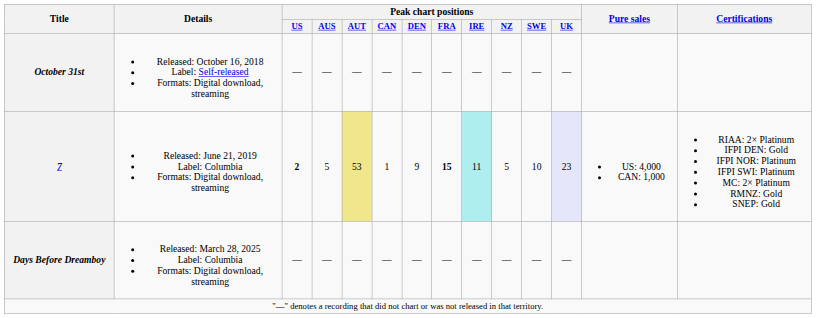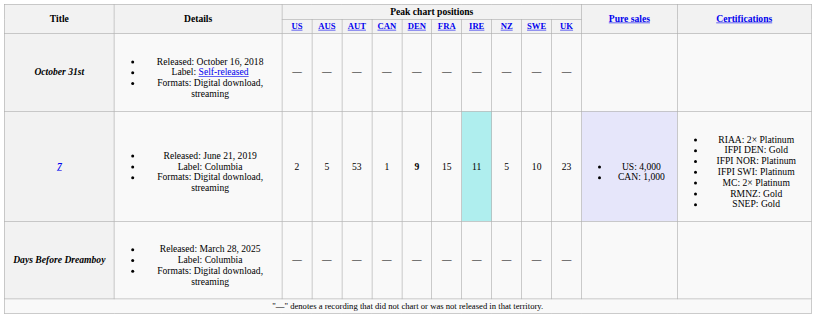 <table class="wikitable plainrowheaders" style="text-align:center;">
 <tr>
 <th scope="col" rowspan="2" style="width:11em;">Title</th>
 <th scope="col" rowspan="2" style="width:17em;">Details</th>
 <th scope="col" colspan="10">Peak chart positions</th>
 <th scope="col" rowspan="2" style="width:9.5em;"><a href='#'>Pure sales</a></th>
 <th scope="col" rowspan="2" style="width:13.5em;"><a href='#'>Certifications</a></th>
 </tr>
 <tr>
 <th scope="col" style="width:3em;font-size:90%;"><a href='#'>US</a><br></th>
 <th scope="col" style="width:3em;font-size:90%;"><a href='#'>AUS</a><br></th>
 <th scope="col" style="width:3em;font-size:90%;"><a href='#'>AUT</a><br></th>
 <th scope="col" style="width:3em;font-size:90%;"><a href='#'>CAN</a><br></th>
 <th scope="col" style="width:3em;font-size:90%;"><a href='#'>DEN</a><br></th>
 <th scope="col" style="width:3em;font-size:90%;"><a href='#'>FRA</a><br></th>
 <th scope="col" style="width:3em;font-size:90%;"><a href='#'>IRE</a><br></th>
 <th scope="col" style="width:3em;font-size:90%;"><a href='#'>NZ</a><br></th>
 <th scope="col" style="width:3em;font-size:90%;"><a href='#'>SWE</a><br></th>
 <th scope="col" style="width:3em;font-size:90%;"><a href='#'>UK</a><br></th>
 </tr>
 <tr>
 <th scope="row"><em>October 31st</em></th>
 <td><br><ul><li>Released: October 16, 2018</li><li>Label: <a href='#'>Self-released</a></li><li>Formats: Digital download, streaming</li></ul></td>
 <td>—</td>
 <td>—</td>
 <td>—</td>
 <td>—</td>
 <td>—</td>
 <td>—</td>
 <td>—</td>
 <td>—</td>
 <td>—</td>
 <td>—</td>
 <td></td>
 <td></td>
 </tr>
 <tr>
 <th scope="row"><em><a href='#'>7</a></em></th>
 <td><br><ul><li>Released: June 21, 2019</li><li>Label: Columbia</li><li>Formats: Digital download, streaming</li></ul></td>
-<td><strong>2</strong></td>
+<td>2</td>
 <td>5</td>
-<td style="background: khaki;">53</td>
+<td>53</td>
 <td>1</td>
-<td>9</td>
-<td><strong>15</strong></td>
+<td><strong>9</strong></td>
+<td>15</td>
 <td style="background: paleturquoise;">11</td>
 <td>5</td>
 <td>10</td>
-<td style="background: lavender;">23</td>
-<td><br><ul><li>US: 4,000</li><li>CAN: 1,000</li></ul></td>
+<td>23</td>
+<td style="background: lavender;"><br><ul><li>US: 4,000</li><li>CAN: 1,000</li></ul></td>
 <td><br><ul><li>RIAA: 2× Platinum</li><li>IFPI DEN: Gold</li><li>IFPI NOR: Platinum</li><li>IFPI SWI: Platinum</li><li>MC: 2× Platinum</li><li>RMNZ: Gold </li><li>SNEP: Gold</li></ul></td>
 </tr>
 <tr>
 <th scope="row"><em>Days Before Dreamboy</em></th>
 <td><br><ul><li>Released: March 28, 2025</li><li>Label: Columbia</li><li>Formats: Digital download, streaming</li></ul></td>
 <td>—</td>
 <td>—</td>
 <td>—</td>
 <td>—</td>
 <td>—</td>
 <td>—</td>
 <td>—</td>
 <td>—</td>
 <td>—</td>
 <td>—</td>
 <td></td>
 <td></td>
 </tr>
 <tr>
 <td colspan="16" style="font-size:90%">"—" denotes a recording that did not chart or was not released in that territory.</td>
 </tr>
 </table>
